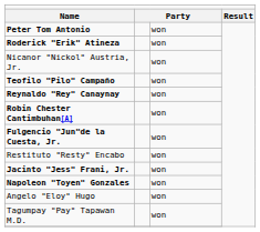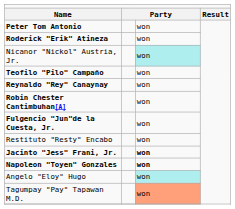 <table class=wikitable style="font-size:90%">
 <tr>
 <td colspan=4 bgcolor=></td>
 </tr>
 <tr>
 <th width=180px>Name</th>
 <th colspan=2 width=120px>Party</th>
 <th>Result</th>
 </tr>
 <tr>
 <td><strong>Peter Tom Antonio</strong></td>
 <td></td>
 <td>won</td>
 </tr>
 <tr>
 <td><strong>Roderick "Erik" Atineza</strong></td>
 <td></td>
 <td>won</td>
 </tr>
 <tr>
 <td>Nicanor "Nickol" Austria, Jr.</td>
 <td></td>
-<td>won</td>
+<td style="background: paleturquoise;">won</td>
 </tr>
 <tr>
 <td><strong>Teofilo "Pilo" Campaño</strong></td>
 <td></td>
 <td>won</td>
 </tr>
 <tr>
 <td><strong>Reynaldo "Rey" Canaynay</strong></td>
 <td></td>
 <td>won</td>
 </tr>
 <tr>
 <td><strong>Robin Chester Cantimbuhan</strong><a href='#'><small><strong>[A]</strong></small></a></td>
 <td></td>
 <td>won</td>
 </tr>
 <tr>
 <td><strong>Fulgencio "Jun"de la Cuesta, Jr.</strong></td>
 <td></td>
 <td>won</td>
 </tr>
 <tr>
 <td>Restituto "Resty" Encabo</td>
 <td></td>
 <td>won</td>
 </tr>
 <tr>
 <td><strong>Jacinto "Jess" Frani, Jr.</strong></td>
 <td></td>
-<td>won</td>
+<td><strong>won</strong></td>
 </tr>
 <tr>
 <td><strong>Napoleon "Toyen" Gonzales</strong></td>
 <td></td>
-<td>won</td>
+<td><strong>won</strong></td>
 </tr>
 <tr>
 <td>Angelo "Eloy" Hugo</td>
 <td></td>
-<td>won</td>
+<td style="background: paleturquoise;">won</td>
 </tr>
 <tr>
 <td>Tagumpay "Pay" Tapawan M.D.</td>
 <td></td>
-<td>won</td>
+<td style="background: lightsalmon;">won</td>
 </tr>
 <tr>
 </tr>
 </table>
